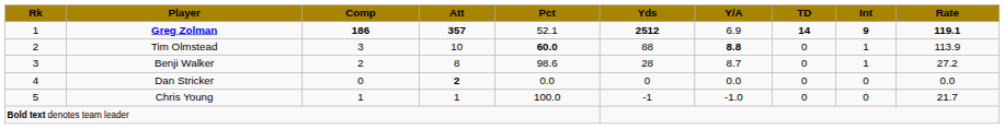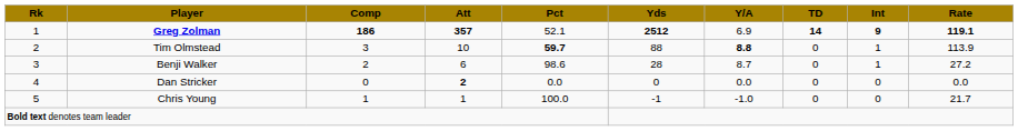 <table class="wikitable" style="width:75%;">
 <tr>
 <th style="background:#A88403;"><span> Rk</span></th>
 <th style="background:#A88403;"><span> Player</span></th>
 <th style="background:#A88403;"><span> Comp</span></th>
 <th style="background:#A88403;"><span> Att</span></th>
 <th style="background:#A88403;"><span> Pct</span></th>
 <th style="background:#A88403;"><span> Yds</span></th>
 <th style="background:#A88403;"><span> Y/A</span></th>
 <th style="background:#A88403;"><span> TD</span></th>
 <th style="background:#A88403;"><span> Int</span></th>
 <th style="background:#A88403;"><span> Rate</span></th>
 </tr>
 <tr style="text-align:center;">
 <td>1</td>
 <td><strong><a href='#'>Greg Zolman</a></strong></td>
 <td><strong>186</strong></td>
 <td><strong>357</strong></td>
 <td>52.1</td>
 <td><strong>2512</strong></td>
 <td>6.9</td>
 <td><strong>14</strong></td>
 <td><strong>9</strong></td>
 <td><strong>119.1</strong></td>
 </tr>
 <tr align="center">
 <td>2</td>
 <td>Tim Olmstead</td>
 <td>3</td>
 <td>10</td>
-<td><strong>60.0</strong></td>
+<td><strong>59.7</strong></td>
 <td>88</td>
 <td><strong>8.8</strong></td>
 <td>0</td>
 <td>1</td>
 <td>113.9</td>
 </tr>
 <tr align="center">
 <td>3</td>
 <td>Benji Walker</td>
 <td>2</td>
-<td>8</td>
+<td>6</td>
 <td>98.6</td>
 <td>28</td>
 <td>8.7</td>
 <td>0</td>
 <td>1</td>
 <td>27.2</td>
 </tr>
 <tr align="center">
 <td>4</td>
 <td>Dan Stricker</td>
 <td>0</td>
 <td><strong>2</strong></td>
 <td>0.0</td>
 <td>0</td>
 <td>0.0</td>
 <td>0</td>
 <td>0</td>
 <td>0.0</td>
 </tr>
 <tr align="center">
 <td>5</td>
 <td>Chris Young</td>
 <td>1</td>
 <td>1</td>
 <td>100.0</td>
 <td>-1</td>
 <td>-1.0</td>
 <td>0</td>
 <td>0</td>
 <td>21.7</td>
 </tr>
 <tr>
 <td colspan=5><small><strong>Bold text</strong> denotes team leader</small></td>
 </tr>
 </table>
